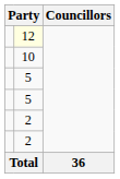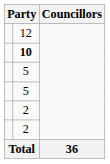 <table class="wikitable">
 <tr>
 <th colspan=2>Party</th>
 <th>Councillors</th>
 </tr>
 <tr>
 <td></td>
-<td align=center style="background: lightyellow;">12</td>
+<td align=center>12</td>
 </tr>
 <tr>
 <td></td>
-<td align=center>10</td>
+<td align=center><strong>10</strong></td>
 </tr>
 <tr>
 <td></td>
 <td align=center>5</td>
 </tr>
 <tr>
 <td></td>
 <td align=center>5</td>
 </tr>
 <tr>
 <td></td>
 <td align=center>2</td>
 </tr>
 <tr>
 <td></td>
 <td align=center>2</td>
 </tr>
 <tr>
 <th colspan=2>Total</th>
 <th align=center>36</th>
 </tr>
 </table>
